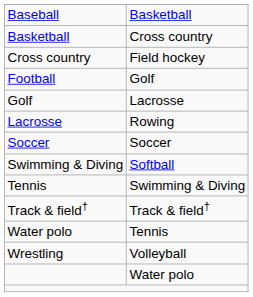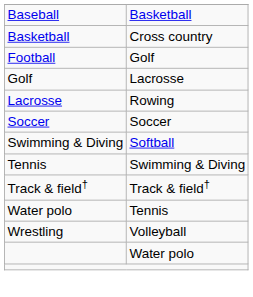 <table class="wikitable" style= " ">
 <tr>
 </tr>
 <tr>
 <td><a href='#'>Baseball</a></td>
 <td><a href='#'>Basketball</a></td>
 </tr>
 <tr>
 <td><a href='#'>Basketball</a></td>
 <td>Cross country</td>
-</tr>
-<tr>
-<td>Cross country</td>
-<td>Field hockey</td>
 </tr>
 <tr>
 <td><a href='#'>Football</a></td>
 <td>Golf</td>
 </tr>
 <tr>
 <td>Golf</td>
 <td>Lacrosse</td>
 </tr>
 <tr>
 <td><a href='#'>Lacrosse</a></td>
 <td>Rowing</td>
 </tr>
 <tr>
 <td><a href='#'>Soccer</a></td>
 <td>Soccer</td>
 </tr>
 <tr>
 <td>Swimming & Diving</td>
 <td><a href='#'>Softball</a></td>
 </tr>
 <tr>
 <td>Tennis</td>
 <td>Swimming & Diving</td>
 </tr>
 <tr>
 <td>Track & field<sup>†</sup></td>
 <td>Track & field<sup>†</sup></td>
 </tr>
 <tr>
 <td>Water polo</td>
 <td>Tennis</td>
 </tr>
 <tr>
 <td>Wrestling</td>
 <td>Volleyball</td>
 </tr>
 <tr>
 <td></td>
 <td>Water polo</td>
 </tr>
 <tr>
 <td colspan="2"></td>
 </tr>
 </table>
